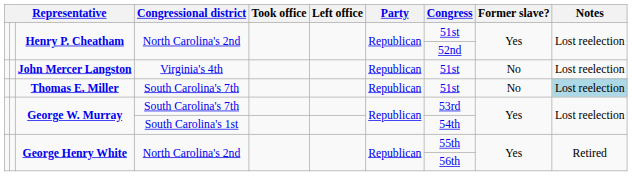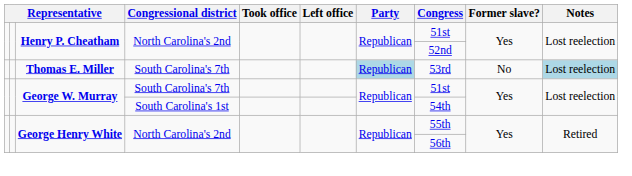 <table class="wikitable sortable plainrowheaders" style="text-align: center;">
 <tr>
 <th colspan=3 class=unsortable><a href='#'>Representative</a></th>
 <th scope="col"><a href='#'>Congressional district</a></th>
 <th scope="col">Took office</th>
 <th scope="col">Left office</th>
 <th scope="col"><a href='#'>Party</a></th>
 <th scope="col"><a href='#'>Congress</a></th>
 <th scope="col">Former slave?</th>
 <th scope="col">Notes</th>
 </tr>
 <tr>
 <td rowspan=2 style="background: "></td>
 <td rowspan=2></td>
 <td rowspan=2><strong><a href='#'>Henry P. Cheatham</a></strong><br></td>
 <td rowspan=2><a href='#'>North Carolina's 2nd</a></td>
 <td rowspan=2></td>
 <td rowspan=2></td>
 <td rowspan=2><a href='#'>Republican</a></td>
 <td><a href='#'>51st</a><br></td>
 <td rowspan=2>Yes</td>
 <td rowspan=2>Lost reelection</td>
 </tr>
 <tr>
 <td><a href='#'>52nd</a><br></td>
 </tr>
 <tr>
 <td style="background: "></td>
 <td></td>
-<td><strong><a href='#'>John Mercer Langston</a></strong><br></td>
-<td><a href='#'>Virginia's 4th</a></td>
-<td></td>
-<td></td>
-<td><a href='#'>Republican</a></td>
-<td><a href='#'>51st</a><br></td>
-<td>No</td>
-<td>Lost reelection</td>
-</tr>
-<tr>
-<td style="background: "></td>
-<td></td>
 <td><strong><a href='#'>Thomas E. Miller</a></strong><br></td>
 <td><a href='#'>South Carolina's 7th</a></td>
 <td></td>
 <td></td>
-<td><a href='#'>Republican</a></td>
-<td><a href='#'>51st</a><br></td>
+<td style="background: lightblue;"><a href='#'>Republican</a></td>
+<td><a href='#'>53rd</a><br></td>
 <td>No</td>
 <td style="background: lightblue;">Lost reelection</td>
 </tr>
 <tr>
 <td rowspan=2 style="background: "></td>
 <td rowspan=2></td>
 <td rowspan=2><strong><a href='#'>George W. Murray</a></strong><br></td>
 <td><a href='#'>South Carolina's 7th</a></td>
 <td></td>
 <td></td>
 <td rowspan=2><a href='#'>Republican</a></td>
-<td><a href='#'>53rd</a><br></td>
+<td><a href='#'>51st</a><br></td>
 <td rowspan=2>Yes</td>
 <td rowspan=2>Lost reelection</td>
 </tr>
 <tr>
 <td><a href='#'>South Carolina's 1st</a></td>
 <td></td>
 <td></td>
 <td><a href='#'>54th</a><br></td>
 </tr>
 <tr>
 <td rowspan=2 style="background: "></td>
 <td rowspan=2></td>
 <td rowspan=2><strong><a href='#'>George Henry White</a></strong><br></td>
 <td rowspan=2><a href='#'>North Carolina's 2nd</a></td>
 <td rowspan=2></td>
 <td rowspan=2></td>
 <td rowspan=2><a href='#'>Republican</a></td>
 <td><a href='#'>55th</a><br></td>
 <td rowspan=2>Yes</td>
 <td rowspan=2>Retired</td>
 </tr>
 <tr>
 <td><a href='#'>56th</a><br></td>
 </tr>
 </table>
